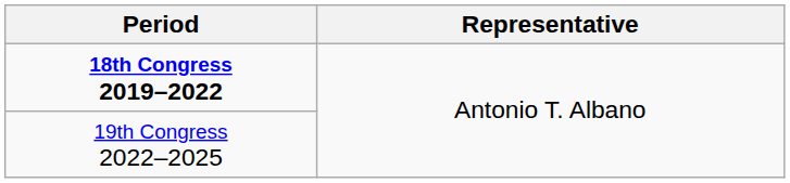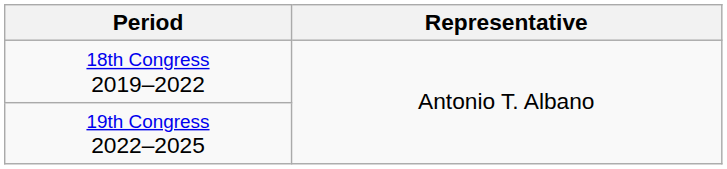 <table class="wikitable" style="text-align:center; width:40%;">
 <tr>
 <th width="40%">Period</th>
 <th>Representative</th>
 </tr>
 <tr>
-<td><strong><small><a href='#'>18th Congress</a></small><br>2019–2022</strong></td>
+<td><small><a href='#'>18th Congress</a></small><br>2019–2022</td>
 <td rowspan="2">Antonio T. Albano</td>
 </tr>
 <tr>
 <td><small><a href='#'>19th Congress</a></small><br>2022–2025</td>
 </tr>
 </table>
